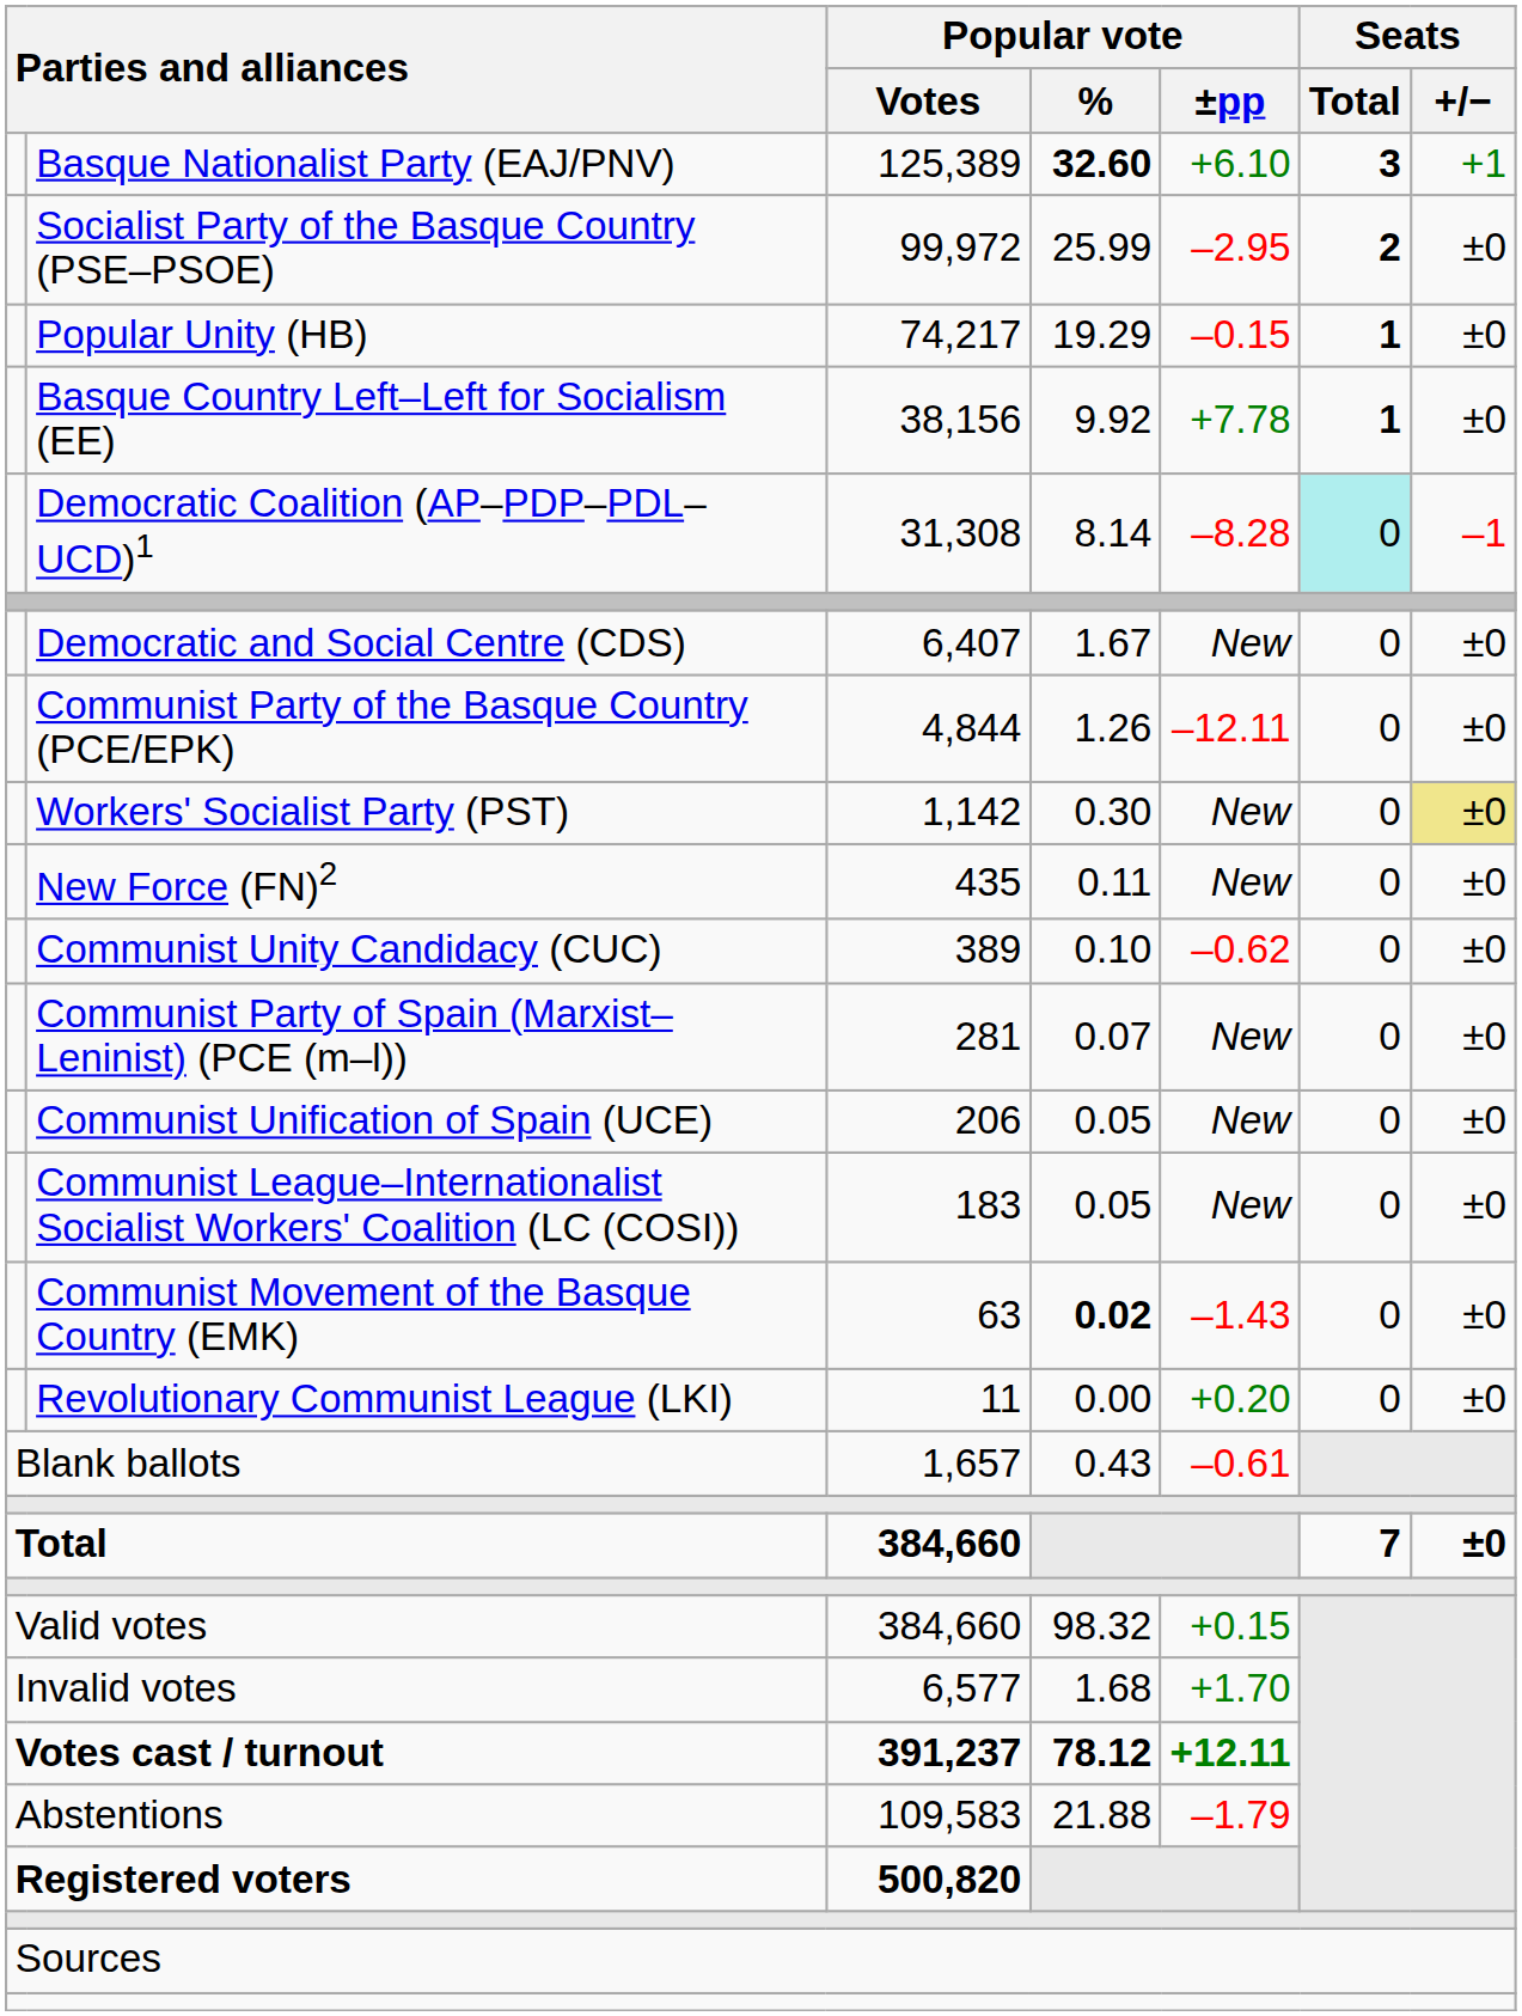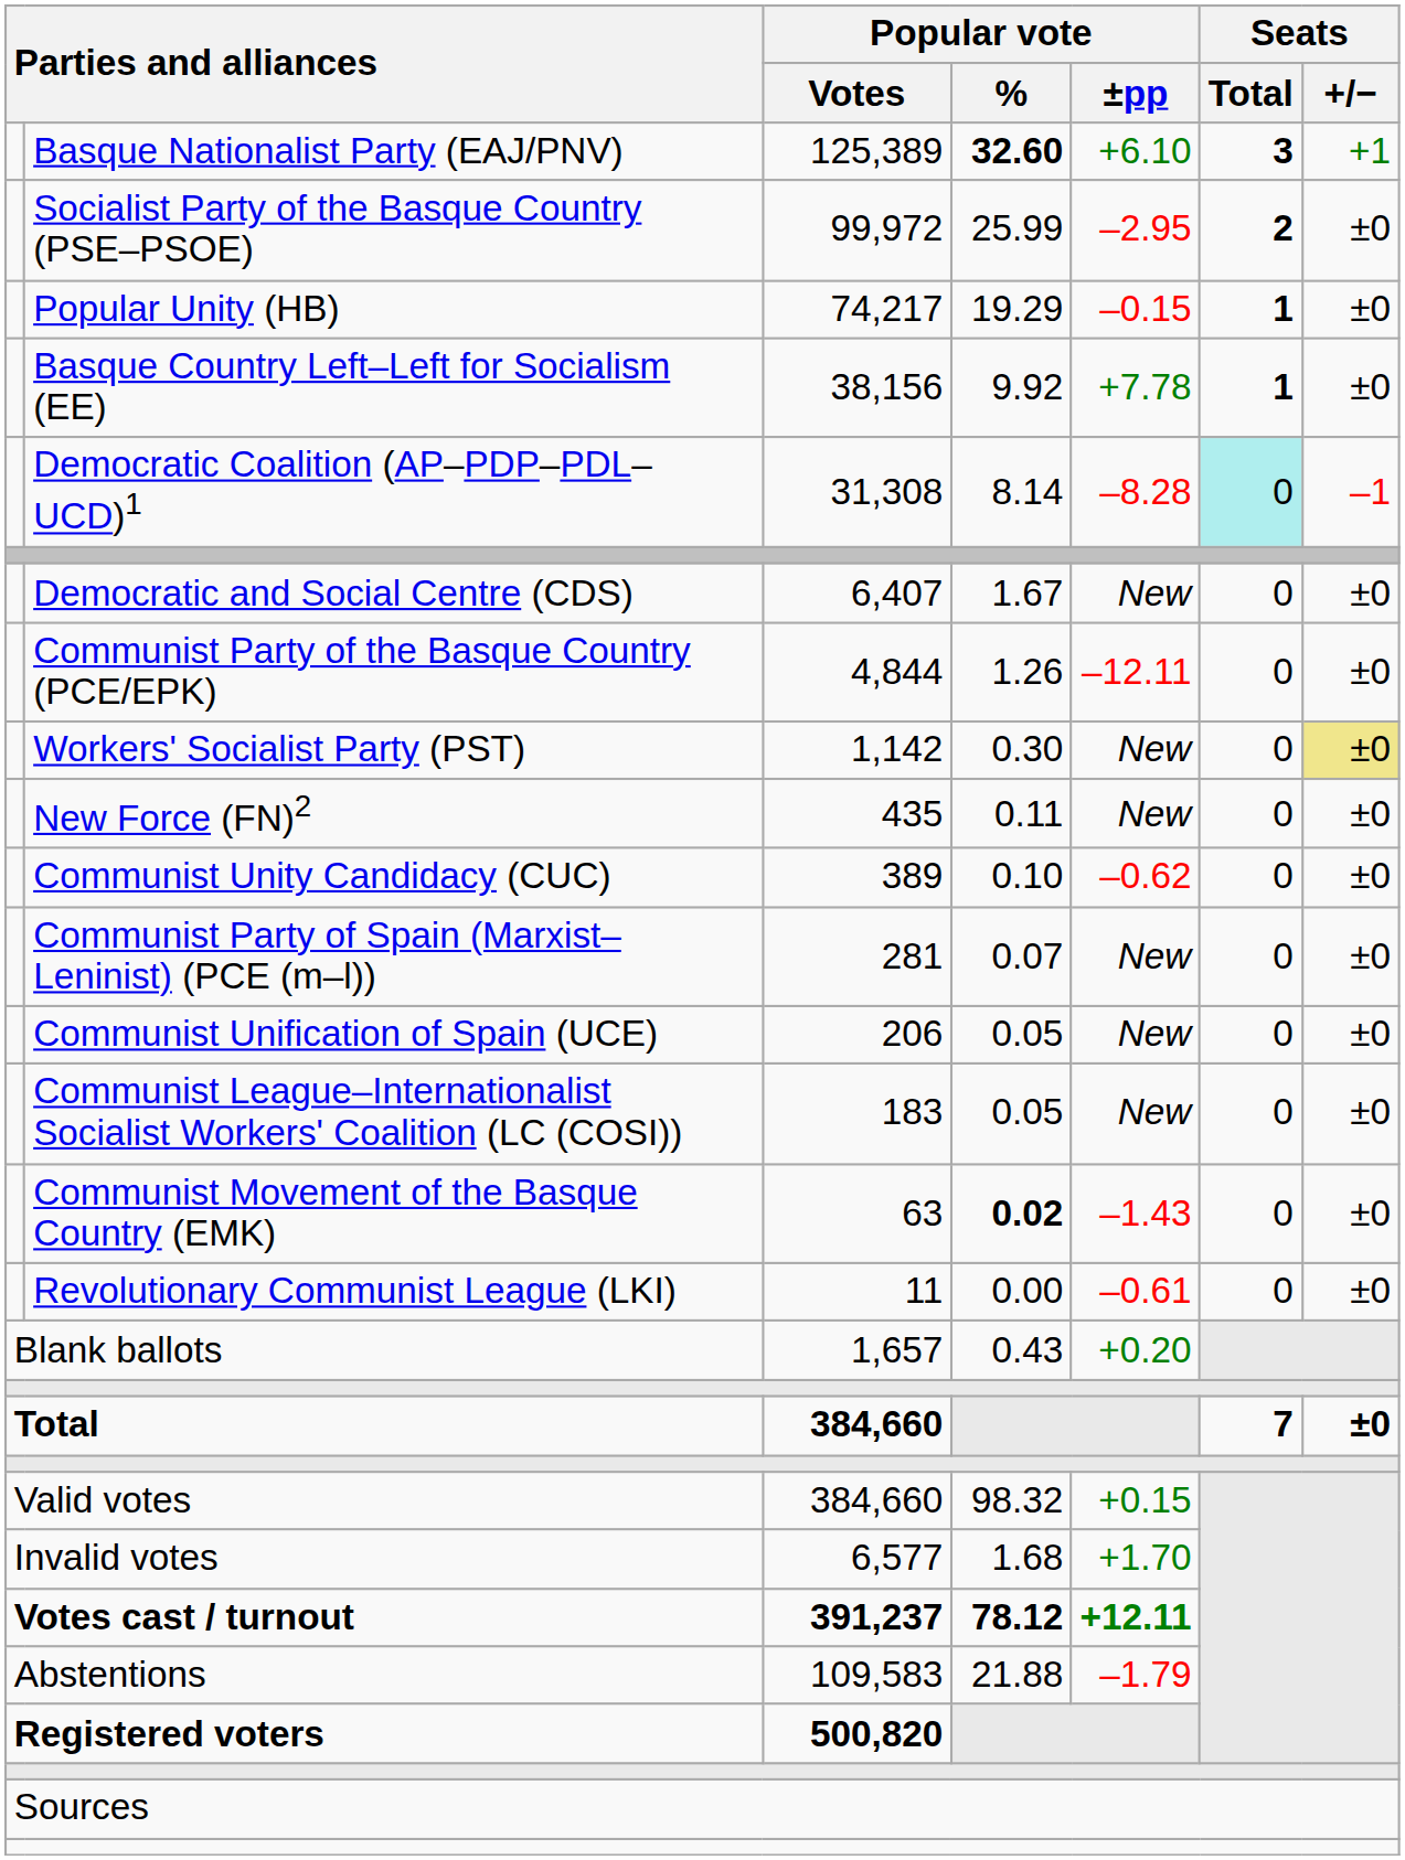 <table class="wikitable" style="text-align:right;">
 <tr>
 <th style="text-align:left;" rowspan="2" colspan="2" width="525">Parties and alliances</th>
 <th colspan="3">Popular vote</th>
 <th colspan="2">Seats</th>
 </tr>
 <tr>
 <th width="75">Votes</th>
 <th width="45">%</th>
 <th width="45">±<a href='#'>pp</a></th>
 <th width="35">Total</th>
 <th width="35">+/−</th>
 </tr>
 <tr>
 <td width="1" style="color:inherit;background:"></td>
 <td align="left"><a href='#'>Basque Nationalist Party</a> (EAJ/PNV)</td>
 <td>125,389</td>
 <td><strong>32.60</strong></td>
 <td style="color:green;">+6.10</td>
 <td><strong>3</strong></td>
 <td style="color:green;">+1</td>
 </tr>
 <tr>
 <td style="color:inherit;background:"></td>
 <td align="left"><a href='#'>Socialist Party of the Basque Country</a> (PSE–PSOE)</td>
 <td>99,972</td>
 <td>25.99</td>
 <td style="color:red;">–2.95</td>
 <td><strong>2</strong></td>
 <td>±0</td>
 </tr>
 <tr>
 <td style="color:inherit;background:"></td>
 <td align="left"><a href='#'>Popular Unity</a> (HB)</td>
 <td>74,217</td>
 <td>19.29</td>
 <td style="color:red;">–0.15</td>
 <td><strong>1</strong></td>
 <td>±0</td>
 </tr>
 <tr>
 <td style="color:inherit;background:"></td>
 <td align="left"><a href='#'>Basque Country Left–Left for Socialism</a> (EE)</td>
 <td>38,156</td>
 <td>9.92</td>
 <td style="color:green;">+7.78</td>
 <td><strong>1</strong></td>
 <td>±0</td>
 </tr>
 <tr>
 <td style="color:inherit;background:"></td>
 <td align="left"><a href='#'>Democratic Coalition</a> (<a href='#'>AP</a>–<a href='#'>PDP</a>–<a href='#'>PDL</a>–<a href='#'>UCD</a>)<sup>1</sup></td>
 <td>31,308</td>
 <td>8.14</td>
 <td style="color:red;">–8.28</td>
 <td style="background: paleturquoise;">0</td>
 <td style="color:red;">–1</td>
 </tr>
 <tr>
 <td colspan="7" bgcolor="#C0C0C0"></td>
 </tr>
 <tr>
 <td style="color:inherit;background:"></td>
 <td align="left"><a href='#'>Democratic and Social Centre</a> (CDS)</td>
 <td>6,407</td>
 <td>1.67</td>
 <td><em>New</em></td>
 <td>0</td>
 <td>±0</td>
 </tr>
 <tr>
 <td style="color:inherit;background:"></td>
 <td align="left"><a href='#'>Communist Party of the Basque Country</a> (PCE/EPK)</td>
 <td>4,844</td>
 <td>1.26</td>
 <td style="color:red;">–12.11</td>
 <td>0</td>
 <td>±0</td>
 </tr>
 <tr>
 <td style="color:inherit;background:"></td>
 <td align="left"><a href='#'>Workers' Socialist Party</a> (PST)</td>
 <td>1,142</td>
 <td>0.30</td>
 <td><em>New</em></td>
 <td>0</td>
 <td style="background: khaki;">±0</td>
 </tr>
 <tr>
 <td style="color:inherit;background:"></td>
 <td align="left"><a href='#'>New Force</a> (FN)<sup>2</sup></td>
 <td>435</td>
 <td>0.11</td>
 <td><em>New</em></td>
 <td>0</td>
 <td>±0</td>
 </tr>
 <tr>
 <td style="color:inherit;background:"></td>
 <td align="left"><a href='#'>Communist Unity Candidacy</a> (CUC)</td>
 <td>389</td>
 <td>0.10</td>
 <td style="color:red;">–0.62</td>
 <td>0</td>
 <td>±0</td>
 </tr>
 <tr>
 <td style="color:inherit;background:"></td>
 <td align="left"><a href='#'>Communist Party of Spain (Marxist–Leninist)</a> (PCE (m–l))</td>
 <td>281</td>
 <td>0.07</td>
 <td><em>New</em></td>
 <td>0</td>
 <td>±0</td>
 </tr>
 <tr>
 <td style="color:inherit;background:"></td>
 <td align="left"><a href='#'>Communist Unification of Spain</a> (UCE)</td>
 <td>206</td>
 <td>0.05</td>
 <td><em>New</em></td>
 <td>0</td>
 <td>±0</td>
 </tr>
 <tr>
 <td style="color:inherit;background:"></td>
 <td align="left"><a href='#'>Communist League–Internationalist Socialist Workers' Coalition</a> (LC (COSI))</td>
 <td>183</td>
 <td>0.05</td>
 <td><em>New</em></td>
 <td>0</td>
 <td>±0</td>
 </tr>
 <tr>
 <td style="color:inherit;background:"></td>
 <td align="left"><a href='#'>Communist Movement of the Basque Country</a> (EMK)</td>
 <td>63</td>
 <td><strong>0.02</strong></td>
 <td style="color:red;">–1.43</td>
 <td>0</td>
 <td>±0</td>
 </tr>
 <tr>
 <td style="color:inherit;background:"></td>
 <td align="left"><a href='#'>Revolutionary Communist League</a> (LKI)</td>
 <td>11</td>
 <td>0.00</td>
-<td style="color:green;">+0.20</td>
+<td style="color:red;">–0.61</td>
 <td>0</td>
 <td>±0</td>
 </tr>
 <tr>
 <td align="left" colspan="2">Blank ballots</td>
 <td>1,657</td>
 <td>0.43</td>
-<td style="color:red;">–0.61</td>
+<td style="color:green;">+0.20</td>
 <td bgcolor="#E9E9E9" colspan="2"></td>
 </tr>
 <tr>
 <td colspan="7" bgcolor="#E9E9E9"></td>
 </tr>
 <tr style="font-weight:bold;">
 <td align="left" colspan="2">Total</td>
 <td>384,660</td>
 <td bgcolor="#E9E9E9" colspan="2"></td>
 <td>7</td>
 <td>±0</td>
 </tr>
 <tr>
 <td colspan="7" bgcolor="#E9E9E9"></td>
 </tr>
 <tr>
 <td align="left" colspan="2">Valid votes</td>
 <td>384,660</td>
 <td>98.32</td>
 <td style="color:green;">+0.15</td>
 <td bgcolor="#E9E9E9" colspan="2" rowspan="5"></td>
 </tr>
 <tr>
 <td align="left" colspan="2">Invalid votes</td>
 <td>6,577</td>
 <td>1.68</td>
 <td style="color:green;">+1.70</td>
 </tr>
 <tr style="font-weight:bold;">
 <td align="left" colspan="2">Votes cast / turnout</td>
 <td>391,237</td>
 <td>78.12</td>
 <td style="color:green;">+12.11</td>
 </tr>
 <tr>
 <td align="left" colspan="2">Abstentions</td>
 <td>109,583</td>
 <td>21.88</td>
 <td style="color:red;">–1.79</td>
 </tr>
 <tr style="font-weight:bold;">
 <td align="left" colspan="2">Registered voters</td>
 <td>500,820</td>
 <td bgcolor="#E9E9E9" colspan="2"></td>
 </tr>
 <tr>
 <td colspan="7" bgcolor="#E9E9E9"></td>
 </tr>
 <tr>
 <td align="left" colspan="7">Sources</td>
 </tr>
 <tr>
 <td colspan="7" style="text-align:left; max-width:790px;"></td>
 </tr>
 </table>
